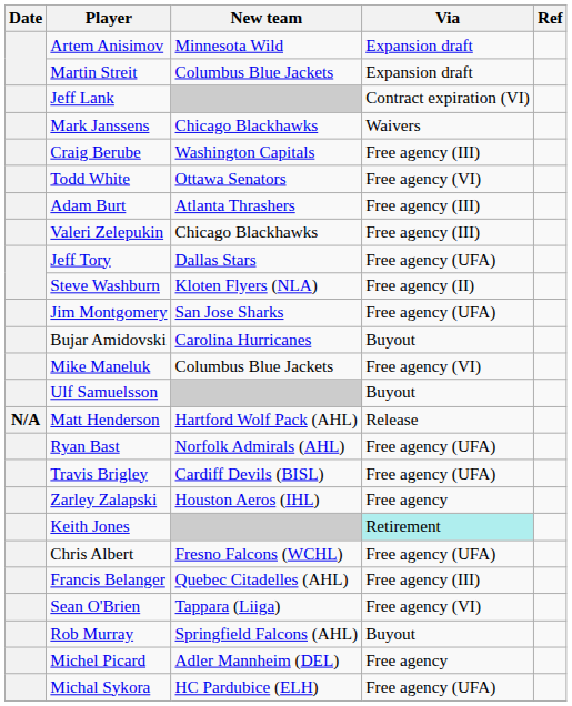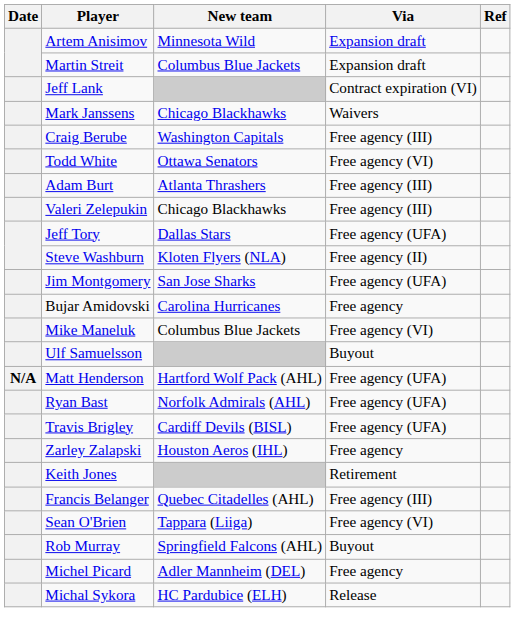 <table class="wikitable plainrowheaders">
 <tr style="background:#ddd; text-align:center;">
 <th>Date</th>
 <th>Player</th>
 <th>New team</th>
 <th>Via</th>
 <th>Ref</th>
 </tr>
 <tr>
 <th scope="row" rowspan=2></th>
 <td><a href='#'>Artem Anisimov</a></td>
 <td><a href='#'>Minnesota Wild</a></td>
 <td><a href='#'>Expansion draft</a></td>
 <td></td>
 </tr>
 <tr>
 <td><a href='#'>Martin Streit</a></td>
 <td><a href='#'>Columbus Blue Jackets</a></td>
 <td>Expansion draft</td>
 <td></td>
 </tr>
 <tr>
 <th scope="row"></th>
 <td><a href='#'>Jeff Lank</a></td>
 <td style="background:#ccc"></td>
 <td>Contract expiration (VI)</td>
 <td></td>
 </tr>
 <tr>
 <th scope="row"></th>
 <td><a href='#'>Mark Janssens</a></td>
 <td><a href='#'>Chicago Blackhawks</a></td>
 <td>Waivers</td>
 <td></td>
 </tr>
 <tr>
 <th scope="row"></th>
 <td><a href='#'>Craig Berube</a></td>
 <td><a href='#'>Washington Capitals</a></td>
 <td>Free agency (III)</td>
 <td></td>
 </tr>
 <tr>
 <th scope="row"></th>
 <td><a href='#'>Todd White</a></td>
 <td><a href='#'>Ottawa Senators</a></td>
 <td>Free agency (VI)</td>
 <td></td>
 </tr>
 <tr>
 <th scope="row"></th>
 <td><a href='#'>Adam Burt</a></td>
 <td><a href='#'>Atlanta Thrashers</a></td>
 <td>Free agency (III)</td>
 <td></td>
 </tr>
 <tr>
 <th scope="row"></th>
 <td><a href='#'>Valeri Zelepukin</a></td>
 <td>Chicago Blackhawks</td>
 <td>Free agency (III)</td>
 <td></td>
 </tr>
 <tr>
 <th scope="row" rowspan=2></th>
 <td><a href='#'>Jeff Tory</a></td>
 <td><a href='#'>Dallas Stars</a></td>
 <td>Free agency (UFA)</td>
 <td></td>
 </tr>
 <tr>
 <td><a href='#'>Steve Washburn</a></td>
 <td><a href='#'>Kloten Flyers</a> (<a href='#'>NLA</a>)</td>
 <td>Free agency (II)</td>
 <td></td>
 </tr>
 <tr>
 <th scope="row"></th>
 <td><a href='#'>Jim Montgomery</a></td>
 <td><a href='#'>San Jose Sharks</a></td>
 <td>Free agency (UFA)</td>
 <td></td>
 </tr>
 <tr>
 <th scope="row"></th>
 <td>Bujar Amidovski</td>
 <td><a href='#'>Carolina Hurricanes</a></td>
-<td>Buyout</td>
+<td>Free agency</td>
 <td></td>
 </tr>
 <tr>
 <th scope="row"></th>
 <td><a href='#'>Mike Maneluk</a></td>
 <td>Columbus Blue Jackets</td>
 <td>Free agency (VI)</td>
 <td></td>
 </tr>
 <tr>
 <th scope="row"></th>
 <td><a href='#'>Ulf Samuelsson</a></td>
 <td style="background:#ccc"></td>
 <td>Buyout</td>
 <td></td>
 </tr>
 <tr>
 <th scope="row">N/A</th>
 <td><a href='#'>Matt Henderson</a></td>
 <td><a href='#'>Hartford Wolf Pack</a> (AHL)</td>
-<td>Release</td>
+<td>Free agency (UFA)</td>
 <td></td>
 </tr>
 <tr>
 <th scope="row"></th>
 <td><a href='#'>Ryan Bast</a></td>
 <td><a href='#'>Norfolk Admirals</a> (<a href='#'>AHL</a>)</td>
 <td>Free agency (UFA)</td>
 <td></td>
 </tr>
 <tr>
 <th scope="row"></th>
 <td><a href='#'>Travis Brigley</a></td>
 <td><a href='#'>Cardiff Devils</a> (<a href='#'>BISL</a>)</td>
 <td>Free agency (UFA)</td>
 <td></td>
 </tr>
 <tr>
 <th scope="row"></th>
 <td><a href='#'>Zarley Zalapski</a></td>
 <td><a href='#'>Houston Aeros</a> (<a href='#'>IHL</a>)</td>
 <td>Free agency</td>
 <td></td>
 </tr>
 <tr>
 <th scope="row"></th>
 <td><a href='#'>Keith Jones</a></td>
 <td style="background:#ccc"></td>
-<td style="background: paleturquoise;">Retirement</td>
-<td></td>
-</tr>
-<tr>
-<th scope="row"></th>
-<td>Chris Albert</td>
-<td><a href='#'>Fresno Falcons</a> (<a href='#'>WCHL</a>)</td>
-<td>Free agency (UFA)</td>
+<td>Retirement</td>
 <td></td>
 </tr>
 <tr>
 <th scope="row"></th>
 <td><a href='#'>Francis Belanger</a></td>
 <td><a href='#'>Quebec Citadelles</a> (AHL)</td>
 <td>Free agency (III)</td>
 <td></td>
 </tr>
 <tr>
 <th scope="row"></th>
 <td><a href='#'>Sean O'Brien</a></td>
 <td><a href='#'>Tappara</a> (<a href='#'>Liiga</a>)</td>
 <td>Free agency (VI)</td>
 <td></td>
 </tr>
 <tr>
 <th scope="row"></th>
 <td><a href='#'>Rob Murray</a></td>
 <td><a href='#'>Springfield Falcons</a> (AHL)</td>
 <td>Buyout</td>
 <td></td>
 </tr>
 <tr>
 <th scope="row"></th>
 <td><a href='#'>Michel Picard</a></td>
 <td><a href='#'>Adler Mannheim</a> (<a href='#'>DEL</a>)</td>
 <td>Free agency</td>
 <td></td>
 </tr>
 <tr>
 <th scope="row"></th>
 <td><a href='#'>Michal Sykora</a></td>
 <td><a href='#'>HC Pardubice</a> (<a href='#'>ELH</a>)</td>
-<td>Free agency (UFA)</td>
+<td>Release</td>
 <td></td>
 </tr>
 </table>
